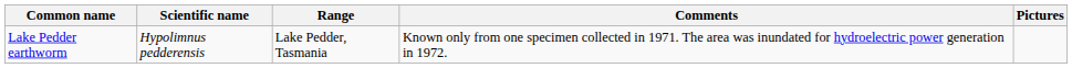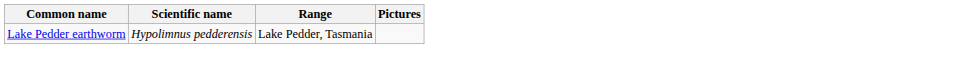 <table class="wikitable">
 <tr>
 <th>Common name</th>
 <th>Scientific name</th>
 <th>Range</th>
-<th class="unsortable">Comments</th>
 <th class="unsortable">Pictures</th>
 </tr>
 <tr>
 <td><a href='#'>Lake Pedder earthworm</a></td>
 <td><em>Hypolimnus pedderensis</em></td>
 <td>Lake Pedder, Tasmania</td>
-<td>Known only from one specimen collected in 1971. The area was inundated for <a href='#'>hydroelectric power</a> generation in 1972.</td>
 <td></td>
 </tr>
 </table>
